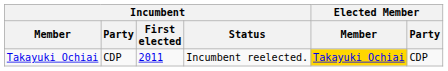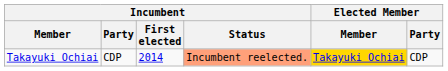 <table class="wikitable sortable">
 <tr>
 <th colspan=4>Incumbent</th>
 <th colspan=2>Elected Member</th>
 </tr>
 <tr>
 <th>Member</th>
 <th>Party</th>
 <th>First<br>elected</th>
 <th>Status</th>
 <th>Member</th>
 <th>Party</th>
 </tr>
 <tr>
 <td><a href='#'>Takayuki Ochiai</a></td>
 <td>CDP</td>
-<td><a href='#'>2011</a></td>
-<td>Incumbent reelected.</td>
+<td><a href='#'>2014</a></td>
+<td style="background: lightsalmon;">Incumbent reelected.</td>
 <td style="background: gold;"><a href='#'>Takayuki Ochiai</a></td>
 <td>CDP</td>
 </tr>
 </table>
